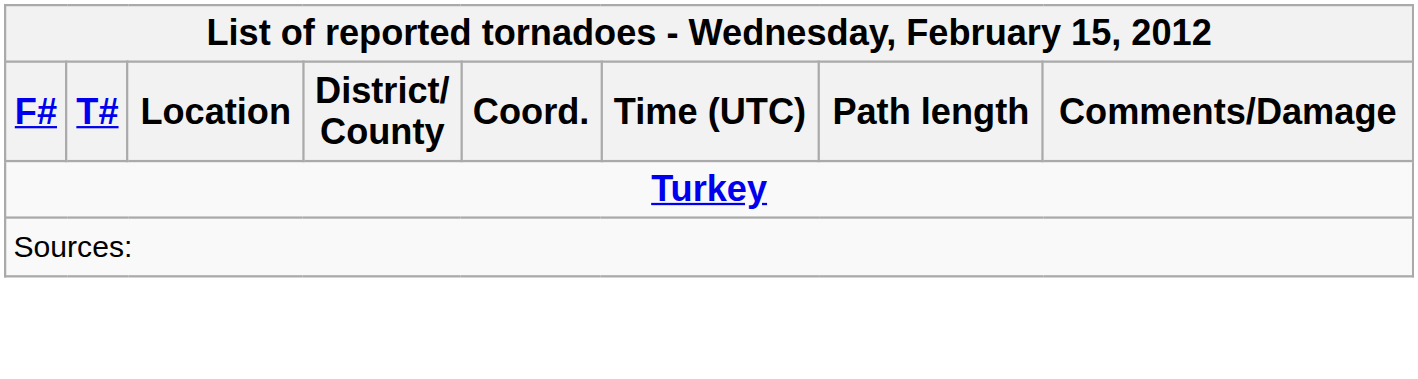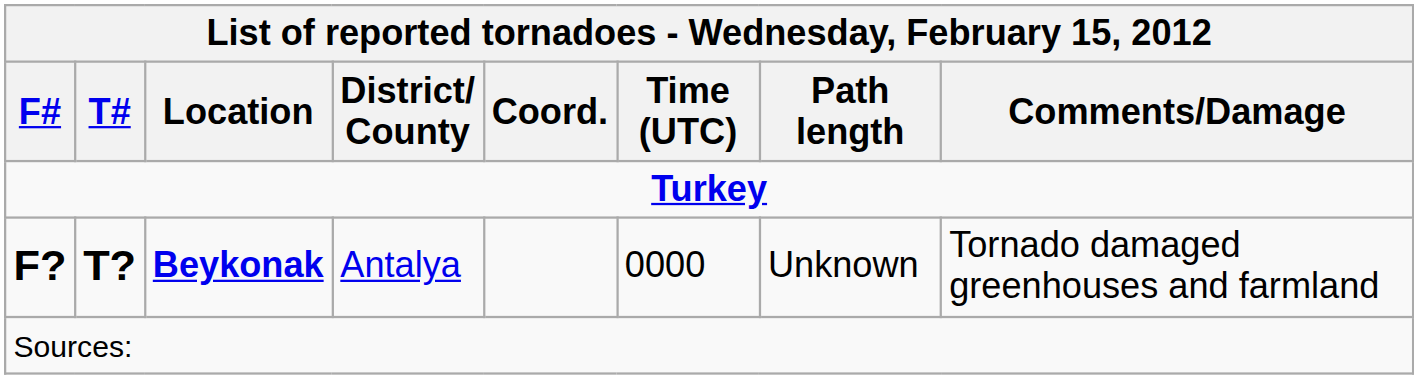 <table class="wikitable collapsible" width="100%">
 <tr>
 <th colspan="8">List of reported tornadoes - Wednesday, February 15, 2012</th>
 </tr>
 <tr>
 <th><a href='#'>F#</a></th>
 <th><a href='#'>T#</a></th>
 <th>Location</th>
 <th>District/<br>County</th>
 <th>Coord.</th>
 <th>Time (UTC)</th>
 <th>Path length</th>
 <th>Comments/Damage</th>
 </tr>
 <tr>
 <td colspan="8" align=center><strong><a href='#'>Turkey</a></strong></td>
 </tr>
 <tr>
+<td><big><strong>F?</strong></big></td>
+<td><big><strong>T?</strong></big></td>
+<td><strong><a href='#'>Beykonak</a></strong></td>
+<td><a href='#'>Antalya</a></td>
+<td></td>
+<td>0000</td>
+<td>Unknown</td>
+<td>Tornado damaged greenhouses and farmland</td>
+</tr>
+<tr>
 <td colspan="8"><small>Sources:  </small></td>
 </tr>
 </table>
